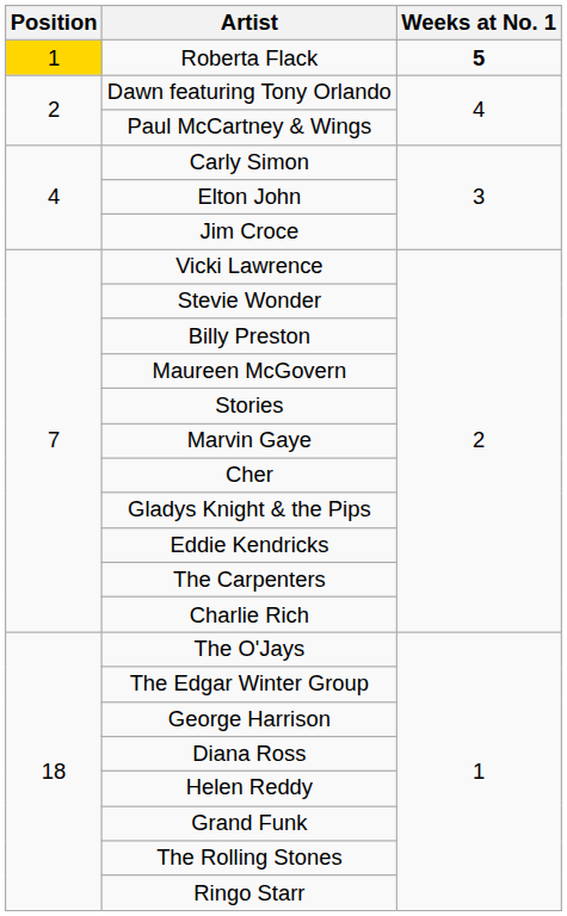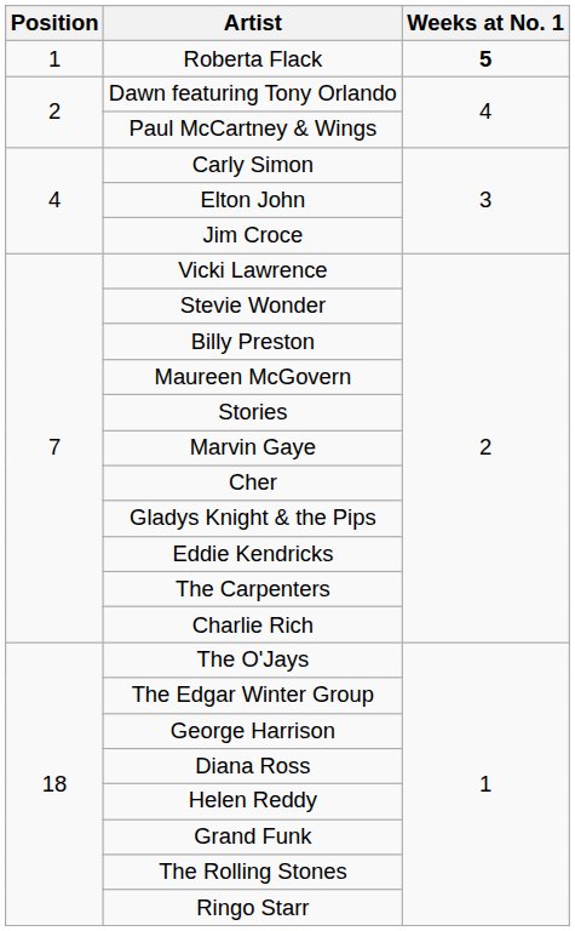 <table class="wikitable plainrowheaders" style="text-align:center;">
 <tr>
 <th>Position</th>
 <th>Artist</th>
 <th>Weeks at No. 1</th>
 </tr>
 <tr>
-<td style="background: gold;">1</td>
+<td>1</td>
 <td>Roberta Flack</td>
 <td><strong>5</strong></td>
 </tr>
 <tr>
 <td rowspan=2>2</td>
 <td>Dawn featuring Tony Orlando</td>
 <td rowspan=2>4</td>
 </tr>
 <tr>
 <td>Paul McCartney & Wings</td>
 </tr>
 <tr>
 <td rowspan=3>4</td>
 <td>Carly Simon</td>
 <td rowspan=3>3</td>
 </tr>
 <tr>
 <td>Elton John</td>
 </tr>
 <tr>
 <td>Jim Croce</td>
 </tr>
 <tr>
 <td rowspan=11>7</td>
 <td>Vicki Lawrence</td>
 <td rowspan=11>2</td>
 </tr>
 <tr>
 <td>Stevie Wonder</td>
 </tr>
 <tr>
 <td>Billy Preston</td>
 </tr>
 <tr>
 <td>Maureen McGovern</td>
 </tr>
 <tr>
 <td>Stories</td>
 </tr>
 <tr>
 <td>Marvin Gaye</td>
 </tr>
 <tr>
 <td>Cher</td>
 </tr>
 <tr>
 <td>Gladys Knight & the Pips</td>
 </tr>
 <tr>
 <td>Eddie Kendricks</td>
 </tr>
 <tr>
 <td>The Carpenters</td>
 </tr>
 <tr>
 <td>Charlie Rich</td>
 </tr>
 <tr>
 <td rowspan=8>18</td>
 <td>The O'Jays</td>
 <td rowspan=8>1</td>
 </tr>
 <tr>
 <td>The Edgar Winter Group</td>
 </tr>
 <tr>
 <td>George Harrison</td>
 </tr>
 <tr>
 <td>Diana Ross</td>
 </tr>
 <tr>
 <td>Helen Reddy</td>
 </tr>
 <tr>
 <td>Grand Funk</td>
 </tr>
 <tr>
 <td>The Rolling Stones</td>
 </tr>
 <tr>
 <td>Ringo Starr</td>
 </tr>
 </table>
